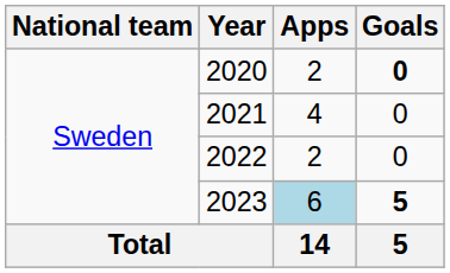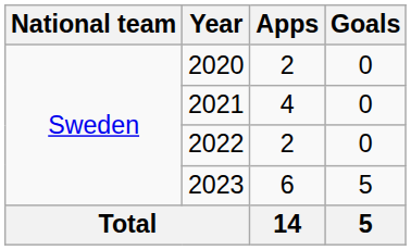 <table class="wikitable" style="text-align:center">
 <tr>
 <th>National team</th>
 <th>Year</th>
 <th>Apps</th>
 <th>Goals</th>
 </tr>
 <tr>
 <td rowspan="4"><a href='#'>Sweden</a></td>
 <td>2020</td>
 <td>2</td>
-<td><strong>0</strong></td>
+<td>0</td>
 </tr>
 <tr>
 <td>2021</td>
 <td>4</td>
 <td>0</td>
 </tr>
 <tr>
 <td>2022</td>
 <td>2</td>
 <td>0</td>
 </tr>
 <tr>
 <td>2023</td>
-<td style="background: lightblue;">6</td>
-<td><strong>5</strong></td>
+<td>6</td>
+<td>5</td>
 </tr>
 <tr>
 <th colspan="2">Total</th>
 <th>14</th>
 <th>5</th>
 </tr>
 </table>
